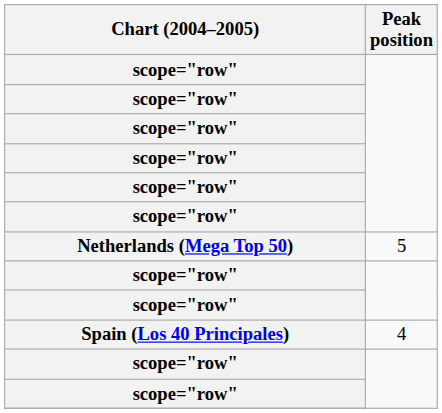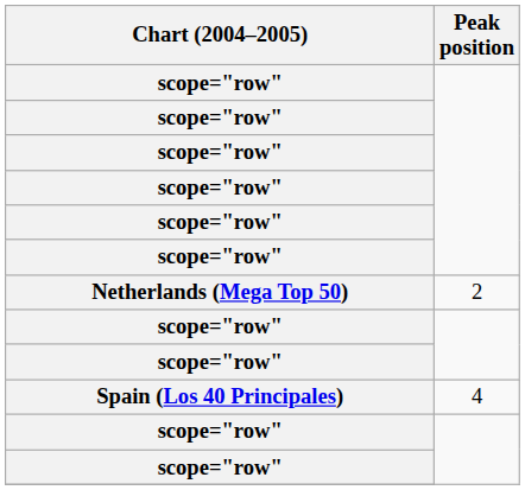 <table class="wikitable sortable plainrowheaders">
 <tr>
 <th scope="col" style="width:19em;">Chart (2004–2005)</th>
 <th scope="col">Peak<br>position</th>
 </tr>
 <tr>
 <th>scope="row" </th>
 </tr>
 <tr>
 <th>scope="row" </th>
 </tr>
 <tr>
 <th>scope="row" </th>
 </tr>
 <tr>
 <th>scope="row" </th>
 </tr>
 <tr>
 <th>scope="row" </th>
 </tr>
 <tr>
 <th>scope="row" </th>
 </tr>
 <tr>
 <th scope="row">Netherlands (<a href='#'>Mega Top 50</a>)</th>
-<td style="text-align:center;">5</td>
+<td style="text-align:center;">2</td>
 </tr>
 <tr>
 <th>scope="row" </th>
 </tr>
 <tr>
 <th>scope="row" </th>
 </tr>
 <tr>
 <th scope="row">Spain (<a href='#'>Los 40 Principales</a>)</th>
 <td align="center">4</td>
 </tr>
 <tr>
 <th>scope="row" </th>
 </tr>
 <tr>
 <th>scope="row" </th>
 </tr>
 <tr>
 </tr>
 </table>
